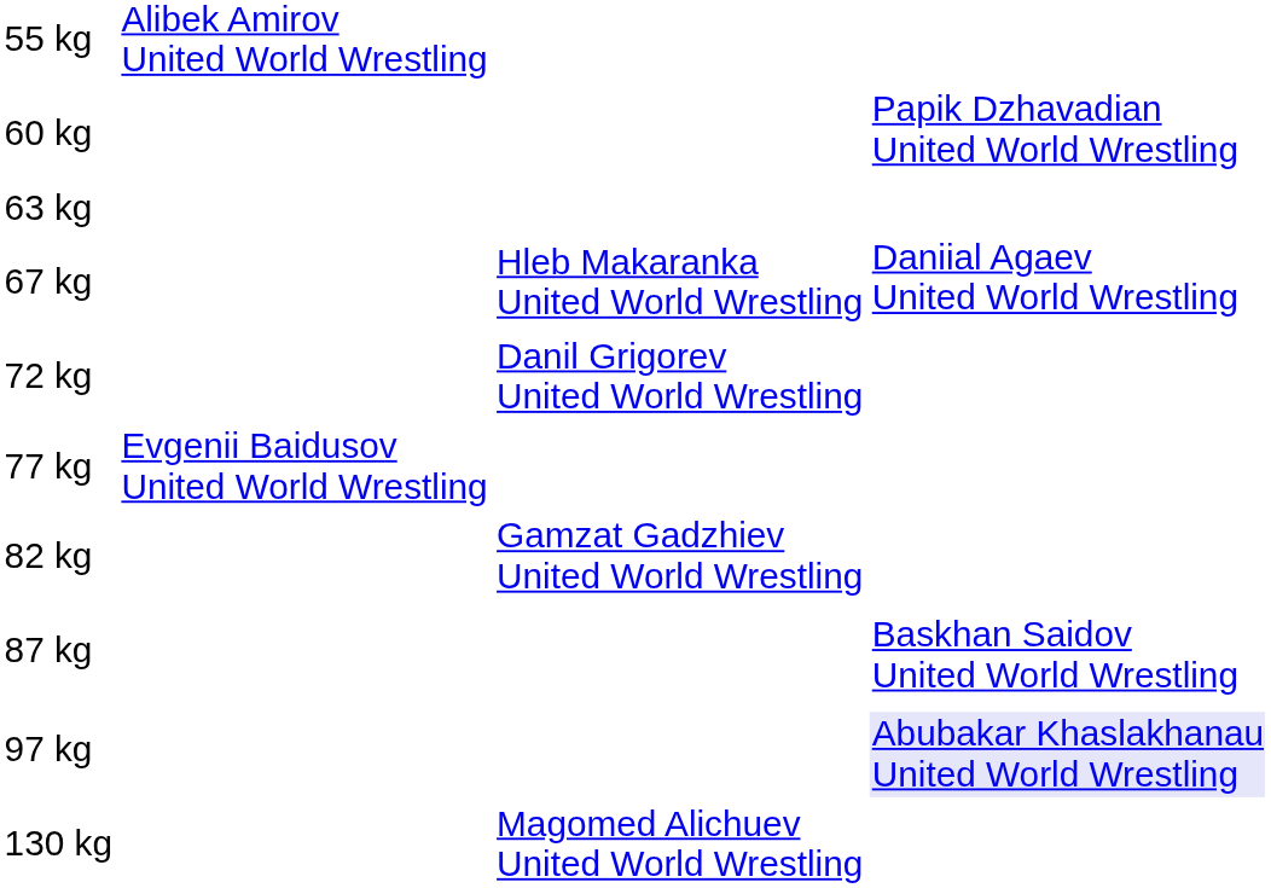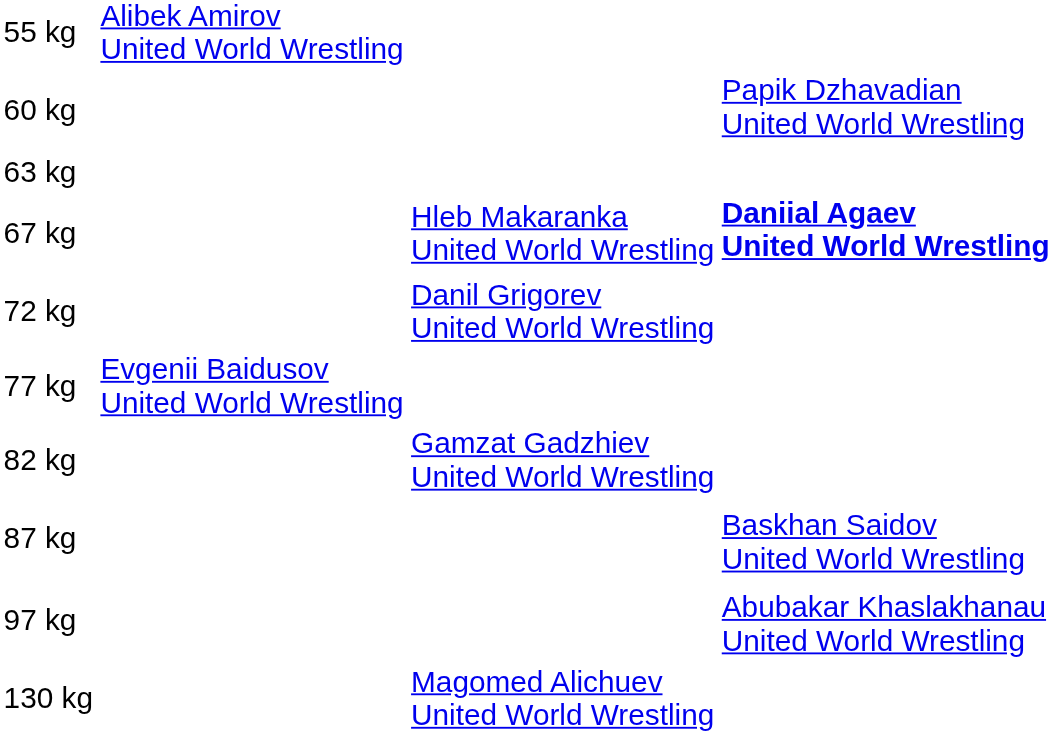 <table>
 <tr>
 <td rowspan=2>55 kg<br></td>
 <td rowspan=2><a href='#'>Alibek Amirov</a><br> <a href='#'>United World Wrestling</a></td>
 <td rowspan=2></td>
 <td></td>
 </tr>
 <tr>
 <td></td>
 </tr>
 <tr>
 <td rowspan=2>60 kg<br></td>
 <td rowspan=2></td>
 <td rowspan=2></td>
 <td><a href='#'>Papik Dzhavadian</a><br> <a href='#'>United World Wrestling</a></td>
 </tr>
 <tr>
 <td></td>
 </tr>
 <tr>
 <td rowspan=2>63 kg<br></td>
 <td rowspan=2></td>
 <td rowspan=2></td>
 <td></td>
 </tr>
 <tr>
 <td></td>
 </tr>
 <tr>
 <td rowspan=2>67 kg<br></td>
 <td rowspan=2></td>
 <td rowspan=2><a href='#'>Hleb Makaranka</a><br> <a href='#'>United World Wrestling</a></td>
-<td><a href='#'>Daniial Agaev</a><br> <a href='#'>United World Wrestling</a></td>
+<td><strong><a href='#'>Daniial Agaev</a><br> <a href='#'>United World Wrestling</a></strong></td>
 </tr>
 <tr>
 <td></td>
 </tr>
 <tr>
 <td rowspan=2>72 kg<br></td>
 <td rowspan=2></td>
 <td rowspan=2><a href='#'>Danil Grigorev</a><br> <a href='#'>United World Wrestling</a></td>
 <td></td>
 </tr>
 <tr>
 <td></td>
 </tr>
 <tr>
 <td rowspan=2>77 kg<br></td>
 <td rowspan=2><a href='#'>Evgenii Baidusov</a><br> <a href='#'>United World Wrestling</a></td>
 <td rowspan=2></td>
 <td></td>
 </tr>
 <tr>
 <td></td>
 </tr>
 <tr>
 <td rowspan=2>82 kg<br></td>
 <td rowspan=2></td>
 <td rowspan=2><a href='#'>Gamzat Gadzhiev</a><br> <a href='#'>United World Wrestling</a></td>
 <td></td>
 </tr>
 <tr>
 <td></td>
 </tr>
 <tr>
 <td rowspan=2>87 kg<br></td>
 <td rowspan=2></td>
 <td rowspan=2></td>
 <td></td>
 </tr>
 <tr>
 <td><a href='#'>Baskhan Saidov</a><br> <a href='#'>United World Wrestling</a></td>
 </tr>
 <tr>
 <td rowspan=2>97 kg<br></td>
 <td rowspan=2></td>
 <td rowspan=2></td>
 <td></td>
 </tr>
 <tr>
-<td style="background: lavender;"><a href='#'>Abubakar Khaslakhanau</a><br> <a href='#'>United World Wrestling</a></td>
+<td><a href='#'>Abubakar Khaslakhanau</a><br> <a href='#'>United World Wrestling</a></td>
 </tr>
 <tr>
 <td rowspan=2>130 kg<br></td>
 <td rowspan=2></td>
 <td rowspan=2><a href='#'>Magomed Alichuev</a><br> <a href='#'>United World Wrestling</a></td>
 <td></td>
 </tr>
 <tr>
 <td></td>
 </tr>
 </table>
